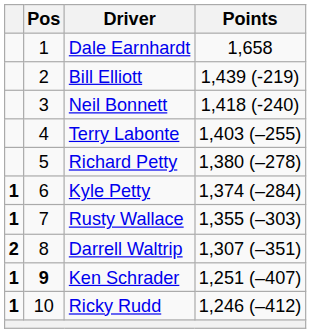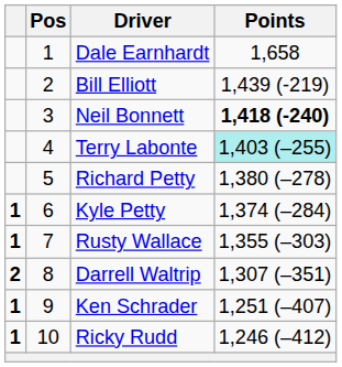 <table class="wikitable" style="font-size: 95%;">
 <tr>
 <th></th>
 <th>Pos</th>
 <th>Driver</th>
 <th>Points</th>
 </tr>
 <tr>
 <td align="left"></td>
 <td style="text-align:center;">1</td>
 <td><a href='#'>Dale Earnhardt</a></td>
 <td style="text-align:center;">1,658</td>
 </tr>
 <tr>
 <td align="left"></td>
 <td style="text-align:center;">2</td>
 <td><a href='#'>Bill Elliott</a></td>
 <td style="text-align:center;">1,439 (-219)</td>
 </tr>
 <tr>
 <td align="left"></td>
 <td style="text-align:center;">3</td>
 <td><a href='#'>Neil Bonnett</a></td>
-<td style="text-align:center;">1,418 (-240)</td>
+<td style="text-align:center;"><strong>1,418 (-240)</strong></td>
 </tr>
 <tr>
 <td align="left"></td>
 <td style="text-align:center;">4</td>
 <td><a href='#'>Terry Labonte</a></td>
-<td style="text-align:center;">1,403 (–255)</td>
+<td style="background: paleturquoise; text-align:center;">1,403 (–255)</td>
 </tr>
 <tr>
 <td align="left"></td>
 <td style="text-align:center;">5</td>
 <td><a href='#'>Richard Petty</a></td>
 <td style="text-align:center;">1,380 (–278)</td>
 </tr>
 <tr>
 <td align="left">  <strong>1</strong></td>
 <td style="text-align:center;">6</td>
 <td><a href='#'>Kyle Petty</a></td>
 <td style="text-align:center;">1,374 (–284)</td>
 </tr>
 <tr>
 <td align="left">  <strong>1</strong></td>
 <td style="text-align:center;">7</td>
 <td><a href='#'>Rusty Wallace</a></td>
 <td style="text-align:center;">1,355 (–303)</td>
 </tr>
 <tr>
 <td align="left">  <strong>2</strong></td>
 <td style="text-align:center;">8</td>
 <td><a href='#'>Darrell Waltrip</a></td>
 <td style="text-align:center;">1,307 (–351)</td>
 </tr>
 <tr>
 <td align="left">  <strong>1</strong></td>
-<td style="text-align:center;"><strong>9</strong></td>
+<td style="text-align:center;">9</td>
 <td><a href='#'>Ken Schrader</a></td>
 <td style="text-align:center;">1,251 (–407)</td>
 </tr>
 <tr>
 <td align="left">  <strong>1</strong></td>
 <td style="text-align:center;">10</td>
 <td><a href='#'>Ricky Rudd</a></td>
 <td style="text-align:center;">1,246 (–412)</td>
 </tr>
 <tr class="sortbottom">
 <th colspan="9"></th>
 </tr>
 </table>
